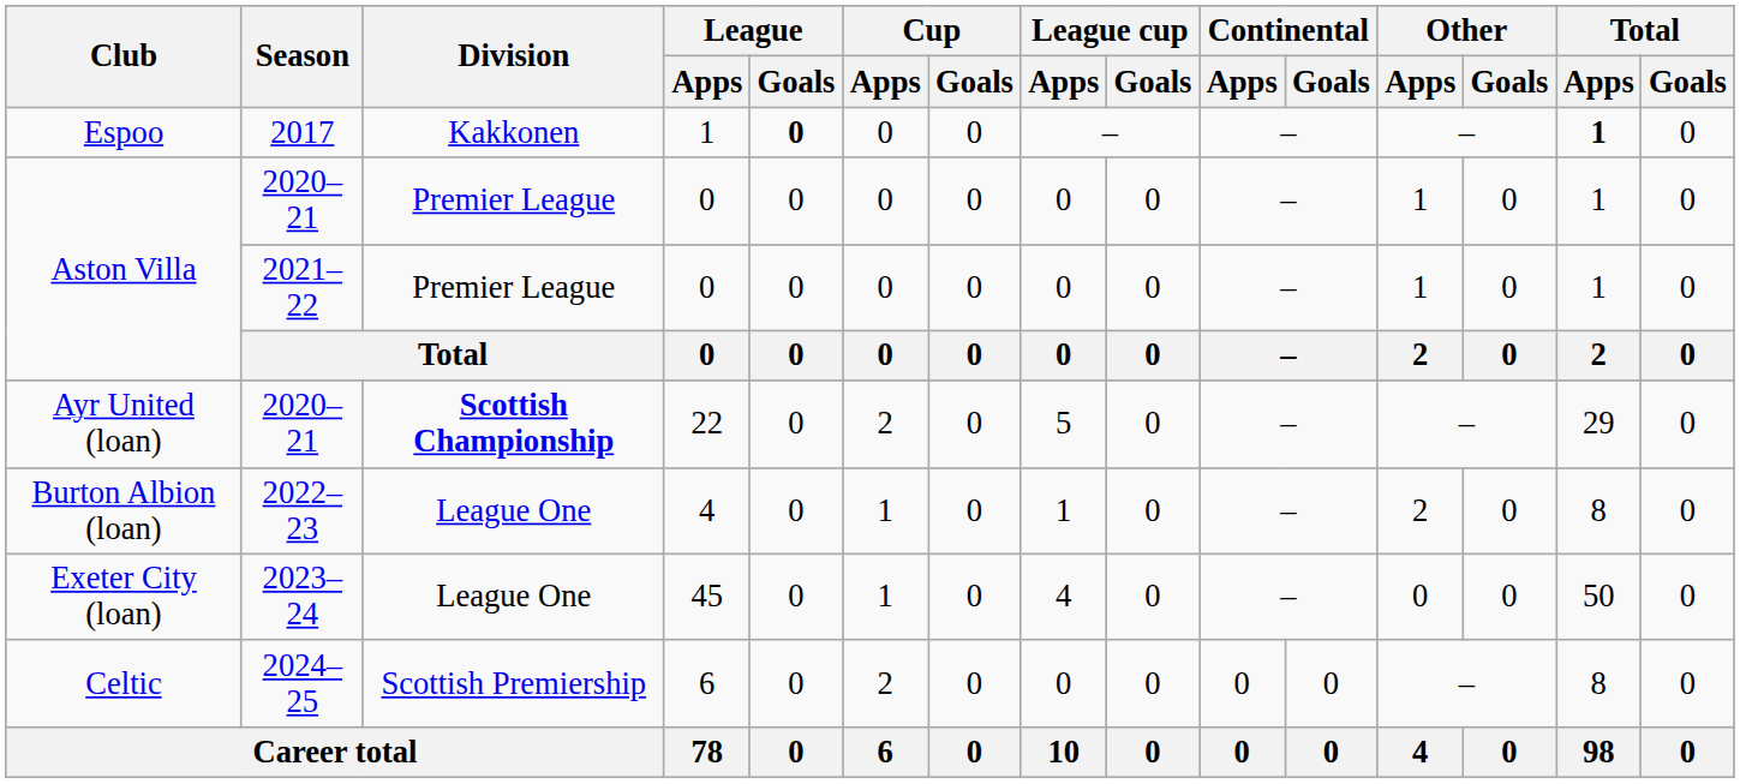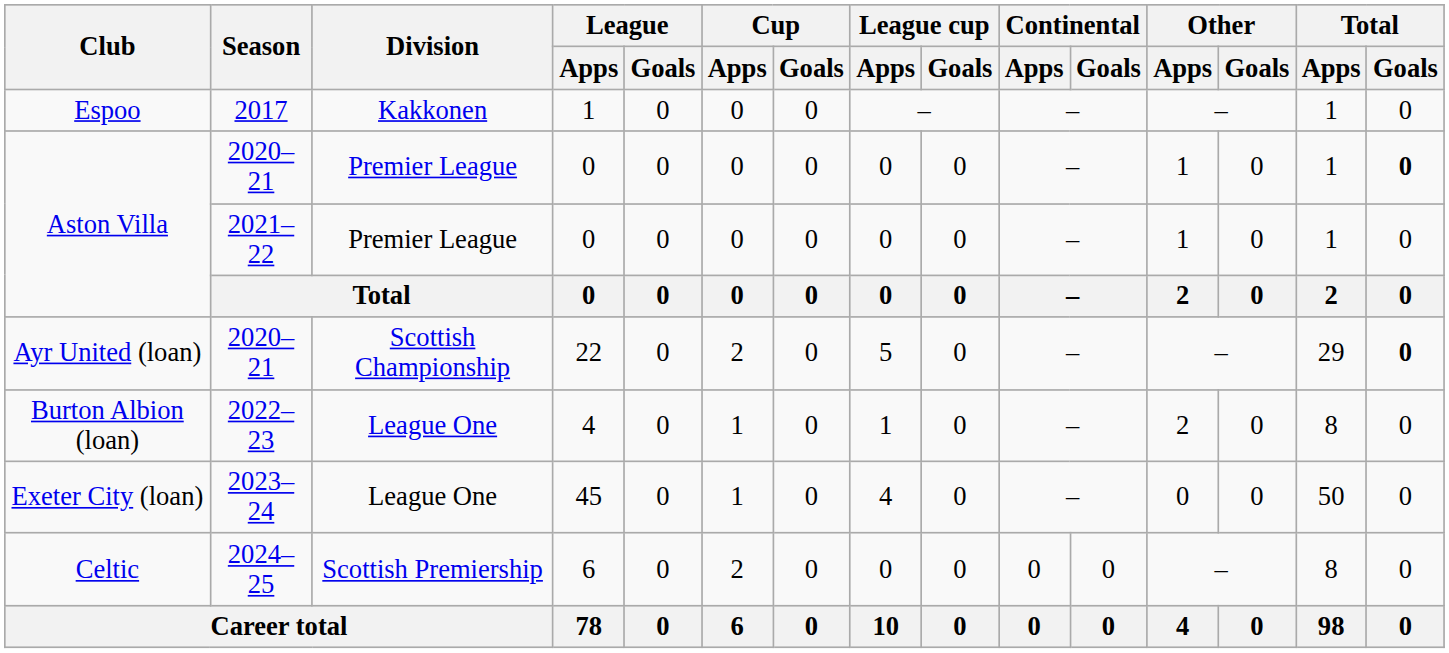 <table class=wikitable style=text-align:center>
 <tr>
 <th rowspan=2>Club</th>
 <th rowspan=2>Season</th>
 <th rowspan=2>Division</th>
 <th colspan=2>League</th>
 <th colspan=2>Cup</th>
 <th colspan=2>League cup</th>
 <th colspan=2>Continental</th>
 <th colspan=2>Other</th>
 <th colspan=2>Total</th>
 </tr>
 <tr>
 <th>Apps</th>
 <th>Goals</th>
 <th>Apps</th>
 <th>Goals</th>
 <th>Apps</th>
 <th>Goals</th>
 <th>Apps</th>
 <th>Goals</th>
 <th>Apps</th>
 <th>Goals</th>
 <th>Apps</th>
 <th>Goals</th>
 </tr>
 <tr>
 <td><a href='#'>Espoo</a></td>
 <td><a href='#'>2017</a></td>
 <td><a href='#'>Kakkonen</a></td>
 <td>1</td>
-<td><strong>0</strong></td>
+<td>0</td>
 <td>0</td>
 <td>0</td>
 <td colspan="2">–</td>
 <td colspan="2">–</td>
 <td colspan="2">–</td>
-<td><strong>1</strong></td>
+<td>1</td>
 <td>0</td>
 </tr>
 <tr>
 <td rowspan="3"><a href='#'>Aston Villa</a></td>
 <td><a href='#'>2020–21</a></td>
 <td><a href='#'>Premier League</a></td>
 <td>0</td>
 <td>0</td>
 <td>0</td>
 <td>0</td>
 <td>0</td>
 <td>0</td>
 <td colspan="2">–</td>
 <td>1</td>
 <td>0</td>
 <td>1</td>
-<td>0</td>
+<td><strong>0</strong></td>
 </tr>
 <tr>
 <td><a href='#'>2021–22</a></td>
 <td>Premier League</td>
 <td>0</td>
 <td>0</td>
 <td>0</td>
 <td>0</td>
 <td>0</td>
 <td>0</td>
 <td colspan="2">–</td>
 <td>1</td>
 <td>0</td>
 <td>1</td>
 <td>0</td>
 </tr>
 <tr>
 <th colspan="2">Total</th>
 <th>0</th>
 <th>0</th>
 <th>0</th>
 <th>0</th>
 <th>0</th>
 <th>0</th>
 <th colspan="2">–</th>
 <th>2</th>
 <th>0</th>
 <th>2</th>
 <th>0</th>
 </tr>
 <tr>
 <td><a href='#'>Ayr United</a> (loan)</td>
 <td><a href='#'>2020–21</a></td>
-<td><strong><a href='#'>Scottish Championship</a></strong></td>
+<td><a href='#'>Scottish Championship</a></td>
 <td>22</td>
 <td>0</td>
 <td>2</td>
 <td>0</td>
 <td>5</td>
 <td>0</td>
 <td colspan="2">–</td>
 <td colspan="2">–</td>
 <td>29</td>
-<td>0</td>
+<td><strong>0</strong></td>
 </tr>
 <tr>
 <td><a href='#'>Burton Albion</a> (loan)</td>
 <td><a href='#'>2022–23</a></td>
 <td><a href='#'>League One</a></td>
 <td>4</td>
 <td>0</td>
 <td>1</td>
 <td>0</td>
 <td>1</td>
 <td>0</td>
 <td colspan="2">–</td>
 <td>2</td>
 <td>0</td>
 <td>8</td>
 <td>0</td>
 </tr>
 <tr>
 <td><a href='#'>Exeter City</a> (loan)</td>
 <td><a href='#'>2023–24</a></td>
 <td>League One</td>
 <td>45</td>
 <td>0</td>
 <td>1</td>
 <td>0</td>
 <td>4</td>
 <td>0</td>
 <td colspan="2">–</td>
 <td>0</td>
 <td>0</td>
 <td>50</td>
 <td>0</td>
 </tr>
 <tr>
 <td><a href='#'>Celtic</a></td>
 <td><a href='#'>2024–25</a></td>
 <td><a href='#'>Scottish Premiership</a></td>
 <td>6</td>
 <td>0</td>
 <td>2</td>
 <td>0</td>
 <td>0</td>
 <td>0</td>
 <td>0</td>
 <td>0</td>
 <td colspan="2">–</td>
 <td>8</td>
 <td>0</td>
 </tr>
 <tr>
 <th colspan="3">Career total</th>
 <th>78</th>
 <th>0</th>
 <th>6</th>
 <th>0</th>
 <th>10</th>
 <th>0</th>
 <th>0</th>
 <th>0</th>
 <th>4</th>
 <th>0</th>
 <th>98</th>
 <th>0</th>
 </tr>
 </table>
